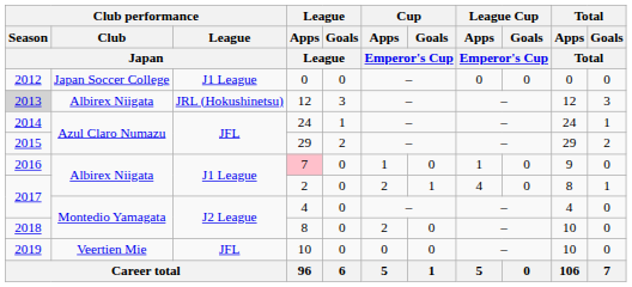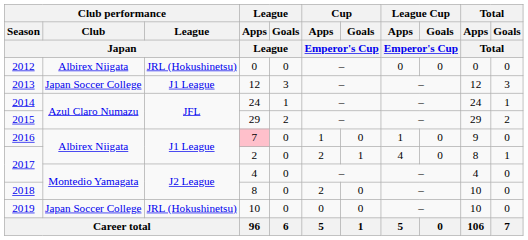 <table class="wikitable" style="text-align:center">
 <tr>
 <th colspan=3>Club performance</th>
 <th colspan=2>League</th>
 <th colspan=2>Cup</th>
 <th colspan=2>League Cup</th>
 <th colspan=2>Total</th>
 </tr>
 <tr>
 <th>Season</th>
 <th>Club</th>
 <th>League</th>
 <th>Apps</th>
 <th>Goals</th>
 <th>Apps</th>
 <th>Goals</th>
 <th>Apps</th>
 <th>Goals</th>
 <th>Apps</th>
 <th>Goals</th>
 </tr>
 <tr>
 <th colspan=3>Japan</th>
 <th colspan=2>League</th>
 <th colspan=2><a href='#'>Emperor's Cup</a></th>
 <th colspan=2><a href='#'>Emperor's Cup</a></th>
 <th colspan=2>Total</th>
 </tr>
 <tr>
 <td><a href='#'>2012</a></td>
-<td><a href='#'>Japan Soccer College</a></td>
-<td><a href='#'>J1 League</a></td>
+<td><a href='#'>Albirex Niigata</a></td>
+<td><a href='#'>JRL (Hokushinetsu)</a></td>
 <td>0</td>
 <td>0</td>
 <td colspan="2">–</td>
 <td>0</td>
 <td>0</td>
 <td>0</td>
 <td>0</td>
 </tr>
 <tr>
-<td style="background: lightgrey;"><a href='#'>2013</a></td>
-<td><a href='#'>Albirex Niigata</a></td>
-<td><a href='#'>JRL (Hokushinetsu)</a></td>
+<td><a href='#'>2013</a></td>
+<td><a href='#'>Japan Soccer College</a></td>
+<td><a href='#'>J1 League</a></td>
 <td>12</td>
 <td>3</td>
 <td colspan="2">–</td>
 <td colspan="2">–</td>
 <td>12</td>
 <td>3</td>
 </tr>
 <tr>
 <td><a href='#'>2014</a></td>
 <td rowspan="2"><a href='#'>Azul Claro Numazu</a></td>
 <td rowspan="2"><a href='#'>JFL</a></td>
 <td>24</td>
 <td>1</td>
 <td colspan="2">–</td>
 <td colspan="2">–</td>
 <td>24</td>
 <td>1</td>
 </tr>
 <tr>
 <td><a href='#'>2015</a></td>
 <td>29</td>
 <td>2</td>
 <td colspan="2">–</td>
 <td colspan="2">–</td>
 <td>29</td>
 <td>2</td>
 </tr>
 <tr>
 <td><a href='#'>2016</a></td>
 <td rowspan="2"><a href='#'>Albirex Niigata</a></td>
 <td rowspan="2"><a href='#'>J1 League</a></td>
 <td style="background: pink;">7</td>
 <td>0</td>
 <td>1</td>
 <td>0</td>
 <td>1</td>
 <td>0</td>
 <td>9</td>
 <td>0</td>
 </tr>
 <tr>
 <td rowspan="2"><a href='#'>2017</a></td>
 <td>2</td>
 <td>0</td>
 <td>2</td>
 <td>1</td>
 <td>4</td>
 <td>0</td>
 <td>8</td>
 <td>1</td>
 </tr>
 <tr>
 <td rowspan="2"><a href='#'>Montedio Yamagata</a></td>
 <td rowspan="2"><a href='#'>J2 League</a></td>
 <td>4</td>
 <td>0</td>
 <td colspan="2">–</td>
 <td colspan="2">–</td>
 <td>4</td>
 <td>0</td>
 </tr>
 <tr>
 <td><a href='#'>2018</a></td>
 <td>8</td>
 <td>0</td>
 <td>2</td>
 <td>0</td>
 <td colspan="2">–</td>
 <td>10</td>
 <td>0</td>
 </tr>
 <tr>
 <td><a href='#'>2019</a></td>
-<td><a href='#'>Veertien Mie</a></td>
-<td><a href='#'>JFL</a></td>
+<td><a href='#'>Japan Soccer College</a></td>
+<td><a href='#'>JRL (Hokushinetsu)</a></td>
 <td>10</td>
 <td>0</td>
 <td>0</td>
 <td>0</td>
 <td colspan="2">–</td>
 <td>10</td>
 <td>0</td>
 </tr>
 <tr>
 <th colspan=3>Career total</th>
 <th>96</th>
 <th>6</th>
 <th>5</th>
 <th>1</th>
 <th>5</th>
 <th>0</th>
 <th>106</th>
 <th>7</th>
 </tr>
 </table>
